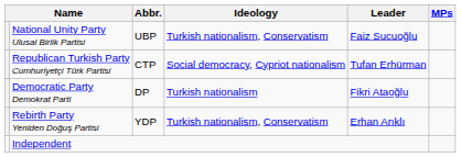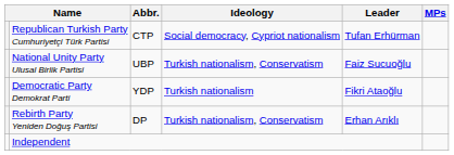 <table class="wikitable">
 <tr>
 <th colspan=2>Name</th>
 <th>Abbr.</th>
 <th>Ideology</th>
 <th>Leader</th>
 <th><a href='#'>MPs</a></th>
+</tr>
+<tr>
+<th style="background:"></th>
+<td><a href='#'>Republican Turkish Party</a><br><small><em>Cumhuriyetçi Türk Partisi</em></small></td>
+<td>CTP</td>
+<td><a href='#'>Social democracy</a>, <a href='#'>Cypriot nationalism</a></td>
+<td><a href='#'>Tufan Erhürman</a></td>
+<td></td>
 </tr>
 <tr>
 <th style="background:"></th>
 <td><a href='#'>National Unity Party</a><br><small><em>Ulusal Birlik Partisi</em></small></td>
 <td>UBP</td>
 <td><a href='#'>Turkish nationalism</a>, <a href='#'>Conservatism</a></td>
 <td><a href='#'>Faiz Sucuoğlu</a></td>
 <td></td>
 </tr>
 <tr>
 <th style="background:"></th>
-<td><a href='#'>Republican Turkish Party</a><br><small><em>Cumhuriyetçi Türk Partisi</em></small></td>
-<td>CTP</td>
-<td><a href='#'>Social democracy</a>, <a href='#'>Cypriot nationalism</a></td>
-<td><a href='#'>Tufan Erhürman</a></td>
-<td></td>
-</tr>
-<tr>
-<th style="background:"></th>
 <td><a href='#'>Democratic Party</a><br><small><em>Demokrat Parti</em></small></td>
-<td>DP</td>
+<td>YDP</td>
 <td><a href='#'>Turkish nationalism</a></td>
 <td><a href='#'>Fikri Ataoğlu</a></td>
 <td></td>
 </tr>
 <tr>
 <th style="background:"></th>
 <td><a href='#'>Rebirth Party</a><br><small><em>Yeniden Doğuş Partisi</em></small></td>
-<td>YDP</td>
+<td>DP</td>
 <td><a href='#'>Turkish nationalism</a>, <a href='#'>Conservatism</a></td>
 <td><a href='#'>Erhan Arıklı</a></td>
 <td></td>
 </tr>
 <tr>
 <td></td>
 <td colspan="4"><a href='#'>Independent</a></td>
 <td></td>
 </tr>
 </table>
